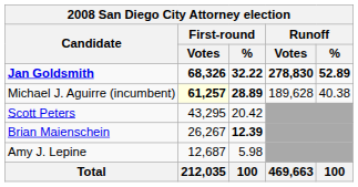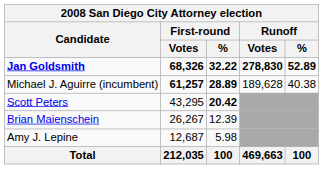 <table class=wikitable>
 <tr>
 <th colspan=5>2008 San Diego City Attorney election</th>
 </tr>
 <tr>
 <th colspan=1 rowspan=2>Candidate</th>
 <th colspan=2>First-round</th>
 <th colspan=2>Runoff</th>
 </tr>
 <tr>
 <th>Votes</th>
 <th>%</th>
 <th>Votes</th>
 <th>%</th>
 </tr>
 <tr>
 <td><strong><a href='#'>Jan Goldsmith</a></strong></td>
 <td align="right"><strong>68,326</strong></td>
 <td align="right"><strong>32.22</strong></td>
 <td align="right"><strong>278,830</strong></td>
 <td align="right"><strong>52.89</strong></td>
 </tr>
 <tr>
 <td>Michael J. Aguirre (incumbent)</td>
-<td align="right" style="background: lightyellow;"><strong>61,257</strong></td>
+<td align="right"><strong>61,257</strong></td>
 <td align="right"><strong>28.89</strong></td>
 <td align="right">189,628</td>
 <td align="right">40.38</td>
 </tr>
 <tr>
 <td><a href='#'>Scott Peters</a></td>
 <td align="right">43,295</td>
-<td align="right">20.42</td>
+<td align="right"><strong>20.42</strong></td>
 <td colspan=2 bgcolor=darkgray></td>
 </tr>
 <tr>
 <td><a href='#'>Brian Maienschein</a></td>
 <td align="right">26,267</td>
-<td align="right"><strong>12.39</strong></td>
+<td align="right">12.39</td>
 <td colspan=2 bgcolor=darkgray></td>
 </tr>
 <tr>
 <td>Amy J. Lepine</td>
 <td align="right">12,687</td>
 <td align="right">5.98</td>
 <td colspan=2 bgcolor=darkgray></td>
 </tr>
 <tr>
 <th>Total</th>
 <th>212,035</th>
 <th>100</th>
 <th>469,663</th>
 <th>100</th>
 </tr>
 </table>
